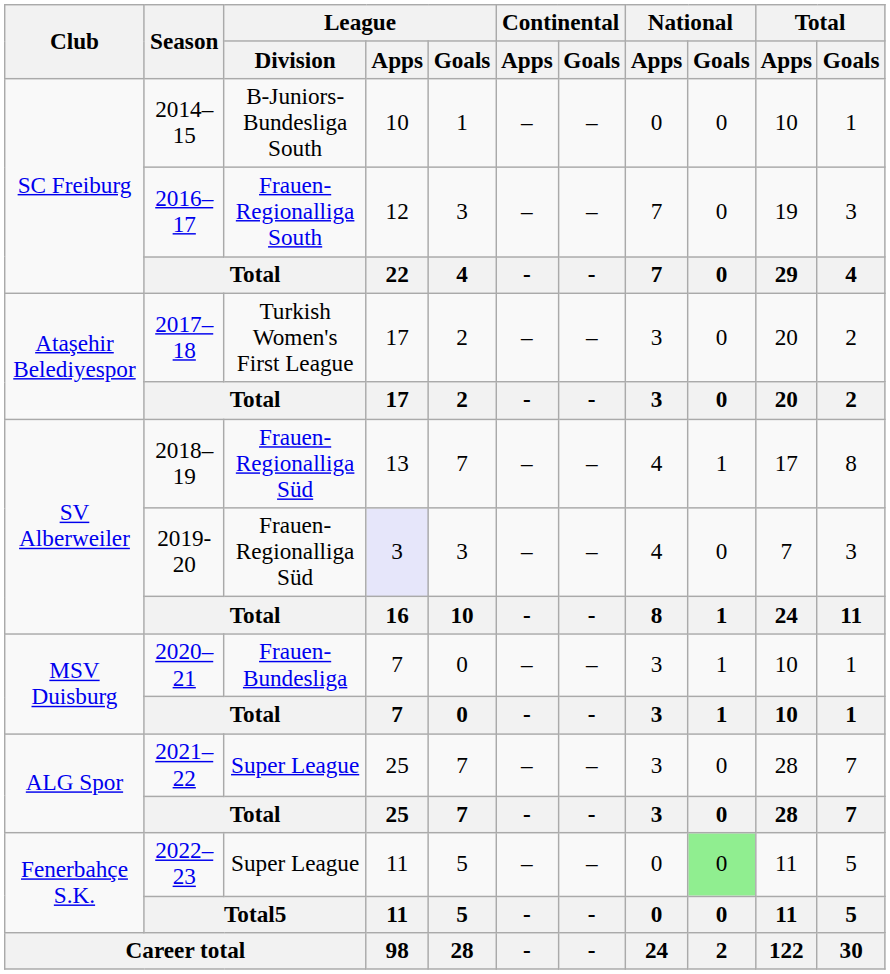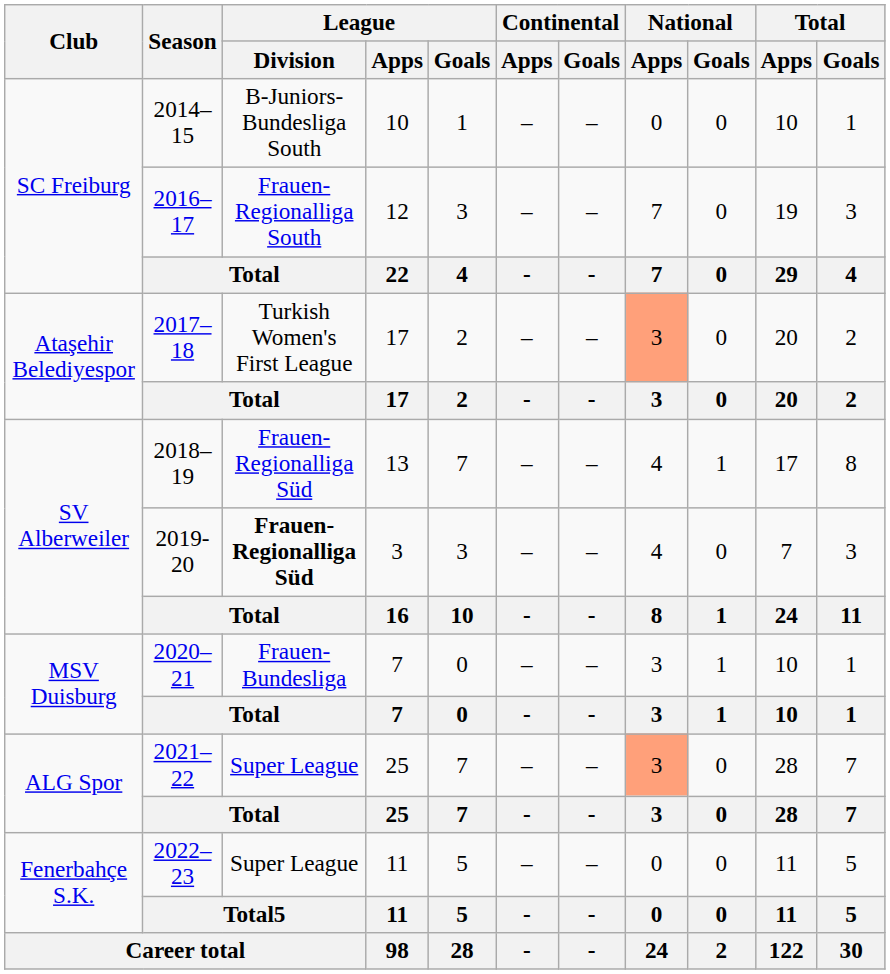 <table class="wikitable" style="text-align: center;">
 <tr>
 <th rowspan=2>Club</th>
 <th rowspan=2>Season</th>
 <th colspan=3>League</th>
 <th colspan=2>Continental</th>
 <th colspan=2>National</th>
 <th colspan=2>Total</th>
 </tr>
 <tr>
 <th>Division</th>
 <th>Apps</th>
 <th>Goals</th>
 <th>Apps</th>
 <th>Goals</th>
 <th>Apps</th>
 <th>Goals</th>
 <th>Apps</th>
 <th>Goals</th>
 </tr>
 <tr>
 <td rowspan=3><a href='#'>SC Freiburg</a></td>
 <td>2014–15</td>
 <td>B-Juniors-Bundesliga South</td>
 <td>10</td>
 <td>1</td>
 <td>–</td>
 <td>–</td>
 <td>0</td>
 <td>0</td>
 <td>10</td>
 <td>1</td>
 </tr>
 <tr>
 <td><a href='#'>2016–17</a></td>
 <td><a href='#'>Frauen-Regionalliga South</a></td>
 <td>12</td>
 <td>3</td>
 <td>–</td>
 <td>–</td>
 <td>7</td>
 <td>0</td>
 <td>19</td>
 <td>3</td>
 </tr>
 <tr>
 <th colspan=2>Total</th>
 <th>22</th>
 <th>4</th>
 <th>-</th>
 <th>-</th>
 <th>7</th>
 <th>0</th>
 <th>29</th>
 <th>4</th>
 </tr>
 <tr>
 <td rowspan=2><a href='#'>Ataşehir Belediyespor</a></td>
 <td><a href='#'>2017–18</a></td>
 <td>Turkish Women's First League</td>
 <td>17</td>
 <td>2</td>
 <td>–</td>
 <td>–</td>
-<td>3</td>
+<td style="background: lightsalmon;">3</td>
 <td>0</td>
 <td>20</td>
 <td>2</td>
 </tr>
 <tr>
 <th colspan=2>Total</th>
 <th>17</th>
 <th>2</th>
 <th>-</th>
 <th>-</th>
 <th>3</th>
 <th>0</th>
 <th>20</th>
 <th>2</th>
 </tr>
 <tr>
 <td rowspan=3><a href='#'>SV Alberweiler</a></td>
 <td>2018–19</td>
 <td><a href='#'>Frauen-Regionalliga Süd</a></td>
 <td>13</td>
 <td>7</td>
 <td>–</td>
 <td>–</td>
 <td>4</td>
 <td>1</td>
 <td>17</td>
 <td>8</td>
 </tr>
 <tr>
 <td>2019-20</td>
-<td>Frauen-Regionalliga Süd</td>
-<td style="background: lavender;">3</td>
+<td><strong>Frauen-Regionalliga Süd</strong></td>
+<td>3</td>
 <td>3</td>
 <td>–</td>
 <td>–</td>
 <td>4</td>
 <td>0</td>
 <td>7</td>
 <td>3</td>
 </tr>
 <tr>
 <th colspan=2>Total</th>
 <th>16</th>
 <th>10</th>
 <th>-</th>
 <th>-</th>
 <th>8</th>
 <th>1</th>
 <th>24</th>
 <th>11</th>
 </tr>
 <tr>
 <td rowspan=2><a href='#'>MSV Duisburg</a></td>
 <td><a href='#'>2020–21</a></td>
 <td><a href='#'>Frauen-Bundesliga</a></td>
 <td>7</td>
 <td>0</td>
 <td>–</td>
 <td>–</td>
 <td>3</td>
 <td>1</td>
 <td>10</td>
 <td>1</td>
 </tr>
 <tr>
 <th colspan=2>Total</th>
 <th>7</th>
 <th>0</th>
 <th>-</th>
 <th>-</th>
 <th>3</th>
 <th>1</th>
 <th>10</th>
 <th>1</th>
 </tr>
 <tr>
 <td rowspan=2><a href='#'>ALG Spor</a></td>
 <td><a href='#'>2021–22</a></td>
 <td><a href='#'>Super League</a></td>
 <td>25</td>
 <td>7</td>
 <td>–</td>
 <td>–</td>
-<td>3</td>
+<td style="background: lightsalmon;">3</td>
 <td>0</td>
 <td>28</td>
 <td>7</td>
 </tr>
 <tr>
 <th colspan="2">Total</th>
 <th>25</th>
 <th>7</th>
 <th>-</th>
 <th>-</th>
 <th>3</th>
 <th>0</th>
 <th>28</th>
 <th>7</th>
 </tr>
 <tr>
 <td rowspan=2><a href='#'>Fenerbahçe S.K.</a></td>
 <td><a href='#'>2022–23</a></td>
 <td>Super League</td>
 <td>11</td>
 <td>5</td>
 <td>–</td>
 <td>–</td>
 <td>0</td>
-<td style="background: lightgreen;">0</td>
+<td>0</td>
 <td>11</td>
 <td>5</td>
 </tr>
 <tr>
 <th colspan="2">Total5</th>
 <th>11</th>
 <th>5</th>
 <th>-</th>
 <th>-</th>
 <th>0</th>
 <th>0</th>
 <th>11</th>
 <th>5</th>
 </tr>
 <tr>
 <th colspan=3>Career total</th>
 <th>98</th>
 <th>28</th>
 <th>-</th>
 <th>-</th>
 <th>24</th>
 <th>2</th>
 <th>122</th>
 <th>30</th>
 </tr>
 </table>
